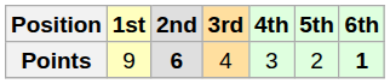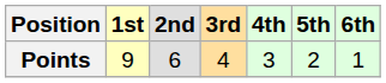 <table class="wikitable" style="font-size: 95%; text-align: center">
 <tr style="font-weight: bold">
 <th>Position</th>
 <td style="background: #ffffbf">1st</td>
 <td style="background: #dfdfdf">2nd</td>
 <td style="background: #ffdf9f">3rd</td>
 <td style="background: #dfffdf">4th</td>
 <td style="background: #dfffdf">5th</td>
 <td style="background: #dfffdf">6th</td>
 </tr>
 <tr>
 <th>Points</th>
 <td style="background: #ffffbf">9</td>
-<td style="background: #dfdfdf"><strong>6</strong></td>
+<td style="background: #dfdfdf">6</td>
 <td style="background: #ffdf9f">4</td>
 <td style="background: #dfffdf">3</td>
 <td style="background: #dfffdf">2</td>
-<td style="background: #dfffdf"><strong>1</strong></td>
+<td style="background: #dfffdf">1</td>
 </tr>
 <tr>
 </tr>
 </table>
